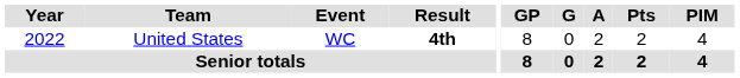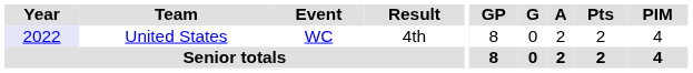 <table border="0" cellpadding="1" cellspacing="0" ID="Table3" style="text-align:center; width:40em;">
 <tr bgcolor="#e0e0e0">
 <th>Year</th>
 <th>Team</th>
 <th>Event</th>
 <th>Result</th>
 <th rowspan="98" bgcolor="#ffffff"></th>
 <th>GP</th>
 <th>G</th>
 <th>A</th>
 <th>Pts</th>
 <th>PIM</th>
 </tr>
 <tr>
-<td><a href='#'>2022</a></td>
+<td style="background: lavender;"><a href='#'>2022</a></td>
 <td><a href='#'>United States</a></td>
 <td><a href='#'>WC</a></td>
-<td><strong>4th</strong></td>
+<td>4th</td>
 <td>8</td>
 <td>0</td>
 <td>2</td>
 <td>2</td>
 <td>4</td>
 </tr>
 <tr bgcolor="#e0e0e0">
 <th colspan="4">Senior totals</th>
 <th>8</th>
 <th>0</th>
 <th>2</th>
 <th>2</th>
 <th>4</th>
 </tr>
 </table>
